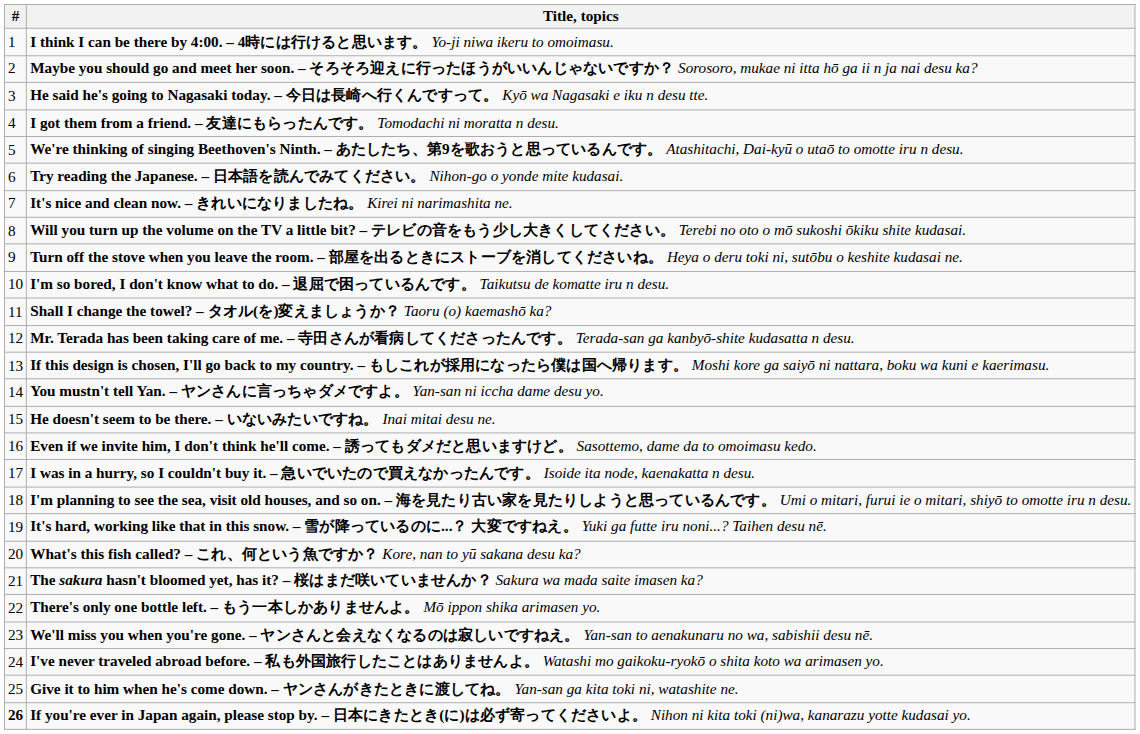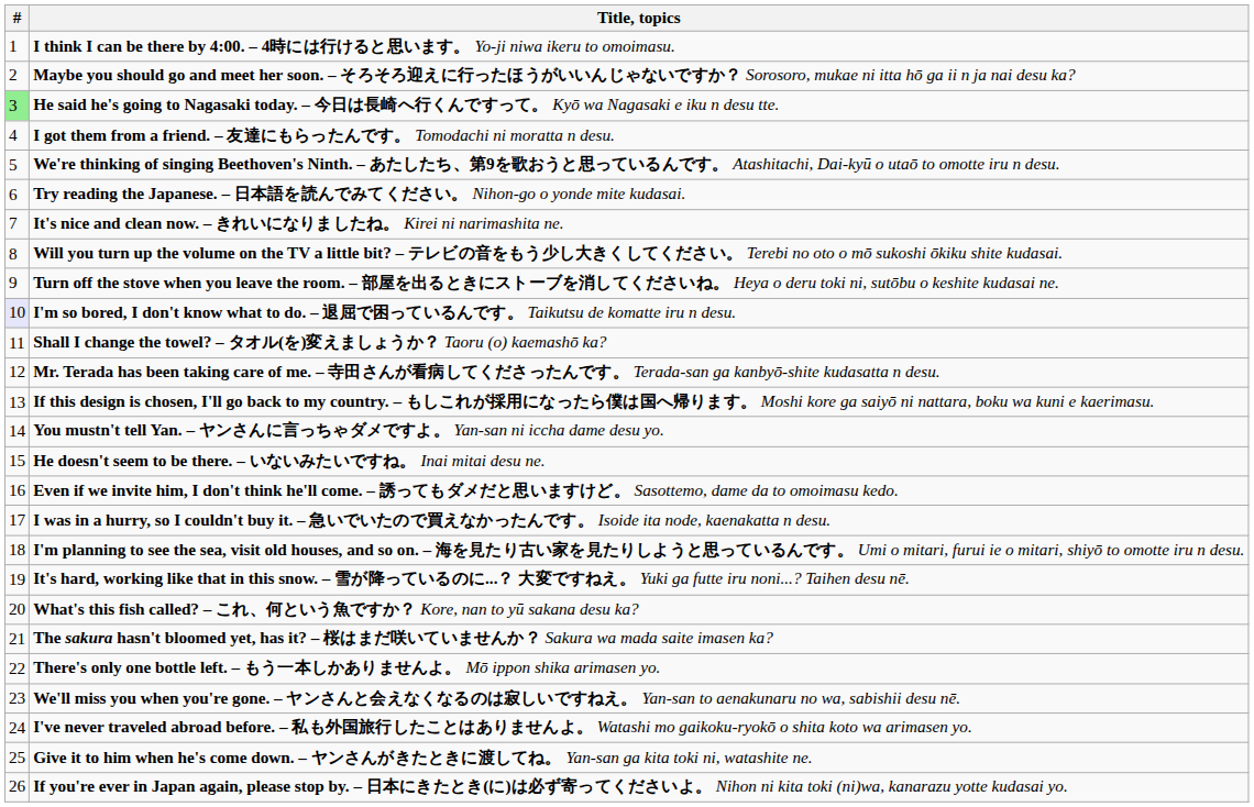 <table class="wikitable">
 <tr>
 <th>#</th>
 <th>Title, topics</th>
 </tr>
 <tr>
 <td>1</td>
 <td><strong>I think I can be there by 4:00. – 4時には行けると思います。</strong> <em>Yo-ji niwa ikeru to omoimasu.</em></td>
 </tr>
 <tr>
 <td>2</td>
 <td><strong>Maybe you should go and meet her soon. – そろそろ迎えに行ったほうがいいんじゃないですか？</strong> <em>Sorosoro, mukae ni itta hō ga ii n ja nai desu ka?</em></td>
 </tr>
 <tr>
-<td>3</td>
+<td style="background: lightgreen;">3</td>
 <td><strong>He said he's going to Nagasaki today. – 今日は長崎へ行くんですって。</strong> <em>Kyō wa Nagasaki e iku n desu tte.</em></td>
 </tr>
 <tr>
 <td>4</td>
 <td><strong>I got them from a friend. – 友達にもらったんです。</strong> <em>Tomodachi ni moratta n desu.</em></td>
 </tr>
 <tr>
 <td>5</td>
 <td><strong>We're thinking of singing Beethoven's Ninth. – あたしたち、第9を歌おうと思っているんです。</strong> <em>Atashitachi, Dai-kyū o utaō to omotte iru n desu.</em></td>
 </tr>
 <tr>
 <td>6</td>
 <td><strong>Try reading the Japanese. – 日本語を読んでみてください。</strong> <em>Nihon-go o yonde mite kudasai.</em></td>
 </tr>
 <tr>
 <td>7</td>
 <td><strong>It's nice and clean now. – きれいになりましたね。</strong> <em>Kirei ni narimashita ne.</em></td>
 </tr>
 <tr>
 <td>8</td>
 <td><strong>Will you turn up the volume on the TV a little bit? – テレビの音をもう少し大きくしてください。</strong> <em>Terebi no oto o mō sukoshi ōkiku shite kudasai.</em></td>
 </tr>
 <tr>
 <td>9</td>
 <td><strong>Turn off the stove when you leave the room. – 部屋を出るときにストーブを消してくださいね。</strong> <em>Heya o deru toki ni, sutōbu o keshite kudasai ne.</em></td>
 </tr>
 <tr>
-<td>10</td>
+<td style="background: lavender;">10</td>
 <td><strong>I'm so bored, I don't know what to do. – 退屈で困っているんです。</strong> <em>Taikutsu de komatte iru n desu.</em></td>
 </tr>
 <tr>
 <td>11</td>
 <td><strong>Shall I change the towel? – タオル(を)変えましょうか？</strong> <em>Taoru (o) kaemashō ka?</em></td>
 </tr>
 <tr>
 <td>12</td>
 <td><strong>Mr. Terada has been taking care of me. – 寺田さんが看病してくださったんです。</strong> <em>Terada-san ga kanbyō-shite kudasatta n desu.</em></td>
 </tr>
 <tr>
 <td>13</td>
 <td><strong>If this design is chosen, I'll go back to my country. – もしこれが採用になったら僕は国へ帰ります。</strong> <em>Moshi kore ga saiyō ni nattara, boku wa kuni e kaerimasu.</em></td>
 </tr>
 <tr>
 <td>14</td>
 <td><strong>You mustn't tell Yan. – ヤンさんに言っちゃダメですよ。</strong> <em>Yan-san ni iccha dame desu yo.</em></td>
 </tr>
 <tr>
 <td>15</td>
 <td><strong>He doesn't seem to be there. – いないみたいですね。</strong> <em>Inai mitai desu ne.</em></td>
 </tr>
 <tr>
 <td>16</td>
 <td><strong>Even if we invite him, I don't think he'll come. – 誘ってもダメだと思いますけど。</strong> <em>Sasottemo, dame da to omoimasu kedo.</em></td>
 </tr>
 <tr>
 <td>17</td>
 <td><strong>I was in a hurry, so I couldn't buy it. – 急いでいたので買えなかったんです。</strong> <em>Isoide ita node, kaenakatta n desu.</em></td>
 </tr>
 <tr>
 <td>18</td>
 <td><strong>I'm planning to see the sea, visit old houses, and so on. – 海を見たり古い家を見たりしようと思っているんです。</strong> <em>Umi o mitari, furui ie o mitari, shiyō to omotte iru n desu.</em></td>
 </tr>
 <tr>
 <td>19</td>
 <td><strong>It's hard, working like that in this snow. – 雪が降っているのに...？ 大変ですねえ。</strong> <em>Yuki ga futte iru noni...? Taihen desu nē.</em></td>
 </tr>
 <tr>
 <td>20</td>
 <td><strong>What's this fish called? – これ、何という魚ですか？</strong> <em>Kore, nan to yū sakana desu ka?</em></td>
 </tr>
 <tr>
 <td>21</td>
 <td><strong>The <em>sakura</em> hasn't bloomed yet, has it? – 桜はまだ咲いていませんか？</strong> <em>Sakura wa mada saite imasen ka?</em></td>
 </tr>
 <tr>
 <td>22</td>
 <td><strong>There's only one bottle left. – もう一本しかありませんよ。</strong> <em>Mō ippon shika arimasen yo.</em></td>
 </tr>
 <tr>
 <td>23</td>
 <td><strong>We'll miss you when you're gone. – ヤンさんと会えなくなるのは寂しいですねえ。</strong> <em>Yan-san to aenakunaru no wa, sabishii desu nē.</em></td>
 </tr>
 <tr>
 <td>24</td>
 <td><strong>I've never traveled abroad before. – 私も外国旅行したことはありませんよ。</strong> <em>Watashi mo gaikoku-ryokō o shita koto wa arimasen yo.</em></td>
 </tr>
 <tr>
 <td>25</td>
 <td><strong>Give it to him when he's come down. – ヤンさんがきたときに渡してね。</strong> <em>Yan-san ga kita toki ni, watashite ne.</em></td>
 </tr>
 <tr>
-<td><strong>26</strong></td>
+<td>26</td>
 <td><strong>If you're ever in Japan again, please stop by. – 日本にきたとき(に)は必ず寄ってくださいよ。</strong> <em>Nihon ni kita toki (ni)wa, kanarazu yotte kudasai yo.</em></td>
 </tr>
 </table>
